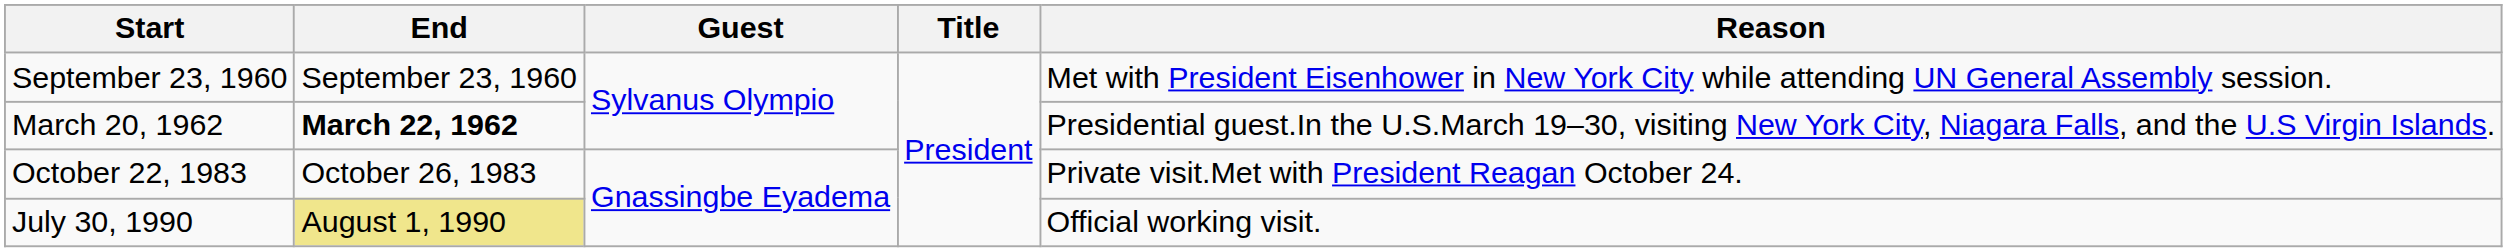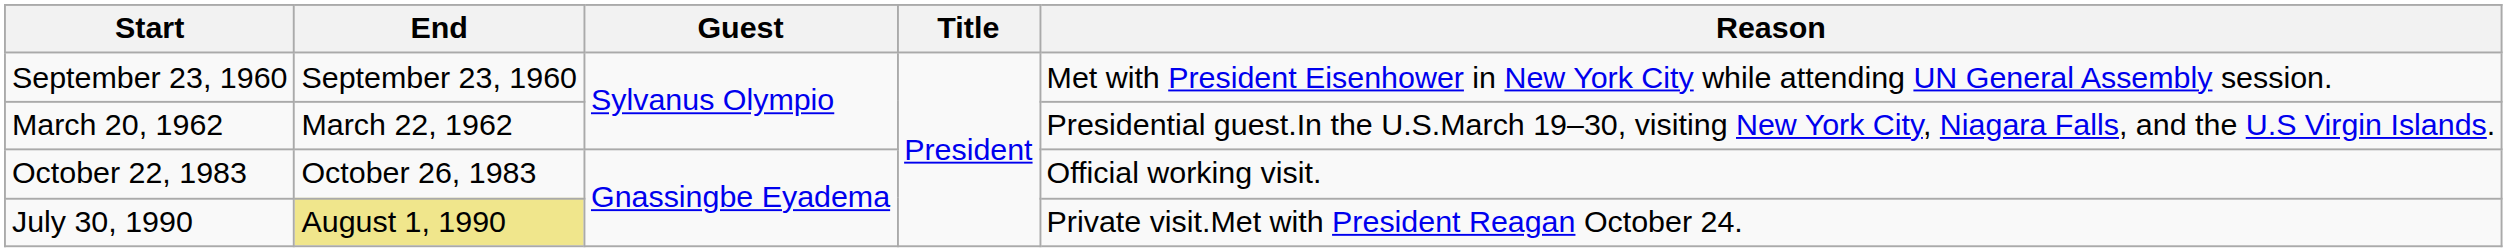 <table class="wikitable sortable">
 <tr>
 <th>Start</th>
 <th>End</th>
 <th>Guest</th>
 <th>Title</th>
 <th>Reason</th>
 </tr>
 <tr>
 <td>September 23, 1960</td>
 <td>September 23, 1960</td>
 <td rowspan=2><a href='#'>Sylvanus Olympio</a></td>
 <td rowspan=4><a href='#'>President</a></td>
 <td>Met with <a href='#'>President Eisenhower</a> in <a href='#'>New York City</a> while attending <a href='#'>UN General Assembly</a> session.</td>
 </tr>
 <tr>
 <td>March 20, 1962</td>
-<td><strong>March 22, 1962</strong></td>
+<td>March 22, 1962</td>
 <td>Presidential guest.In the U.S.March 19–30, visiting <a href='#'>New York City</a>, <a href='#'>Niagara Falls</a>, and the <a href='#'>U.S Virgin Islands</a>.</td>
 </tr>
 <tr>
 <td>October 22, 1983</td>
 <td>October 26, 1983</td>
 <td rowspan=2><a href='#'>Gnassingbe Eyadema</a></td>
-<td>Private visit.Met with <a href='#'>President Reagan</a> October 24.</td>
+<td>Official working visit.</td>
 </tr>
 <tr>
 <td>July 30, 1990</td>
 <td style="background: khaki;">August 1, 1990</td>
-<td>Official working visit.</td>
+<td>Private visit.Met with <a href='#'>President Reagan</a> October 24.</td>
 </tr>
 </table>
